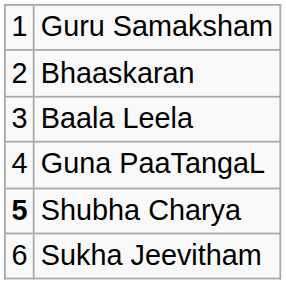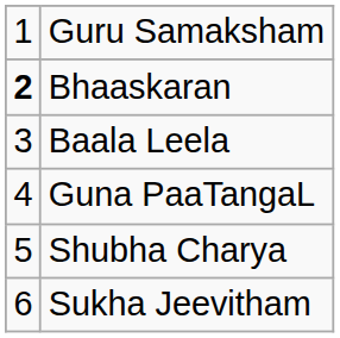 <table class="wikitable">
 <tr>
 <td>1</td>
 <td>Guru Samaksham</td>
 </tr>
 <tr>
-<td>2</td>
+<td><strong>2</strong></td>
 <td>Bhaaskaran</td>
 </tr>
 <tr>
 <td>3</td>
 <td>Baala Leela</td>
 </tr>
 <tr>
 <td>4</td>
 <td>Guna PaaTangaL</td>
 </tr>
 <tr>
-<td><strong>5</strong></td>
+<td>5</td>
 <td>Shubha Charya</td>
 </tr>
 <tr>
 <td>6</td>
 <td>Sukha Jeevitham</td>
 </tr>
 </table>
